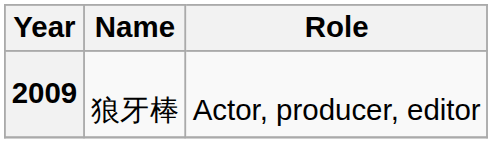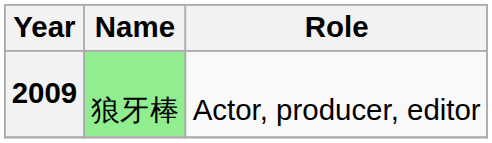 <table class="wikitable">
 <tr>
 <th>Year</th>
 <th>Name</th>
 <th>Role</th>
 </tr>
 <tr>
 <th>2009</th>
-<td><br>狼牙棒</td>
+<td style="background: lightgreen;"><br>狼牙棒</td>
 <td><br>Actor, producer, editor</td>
 </tr>
 <tr>
 </tr>
 </table>
